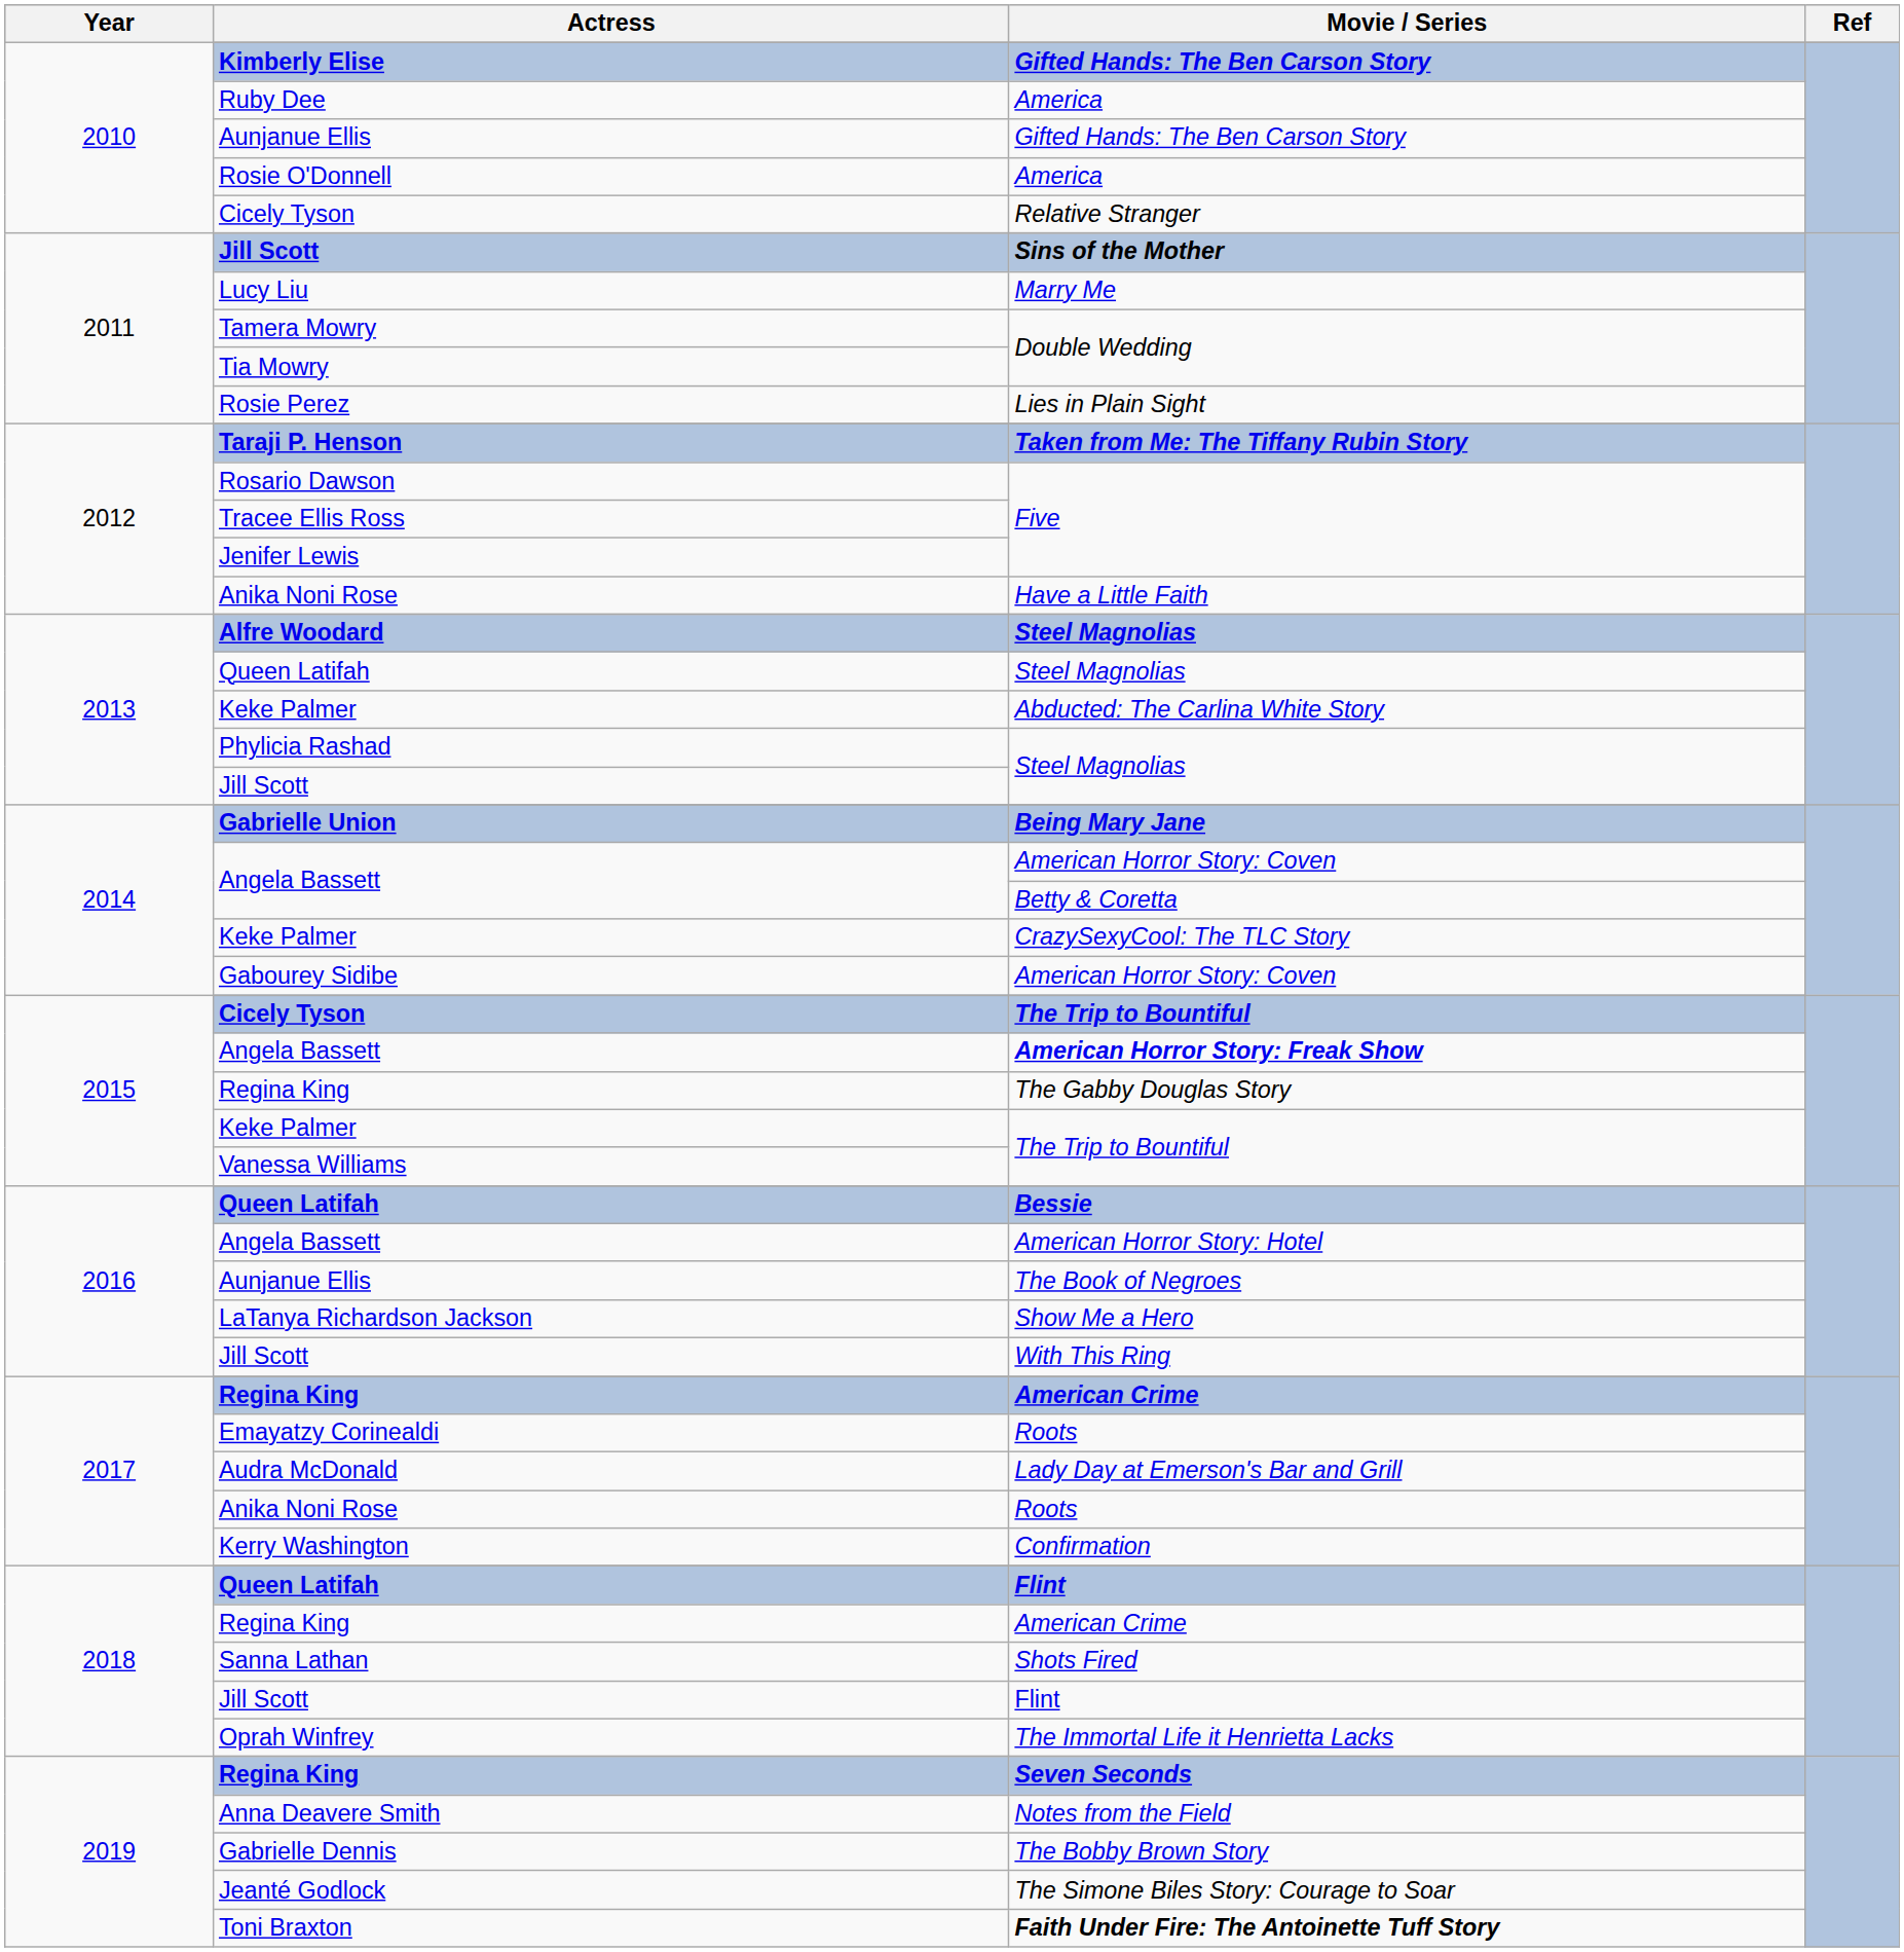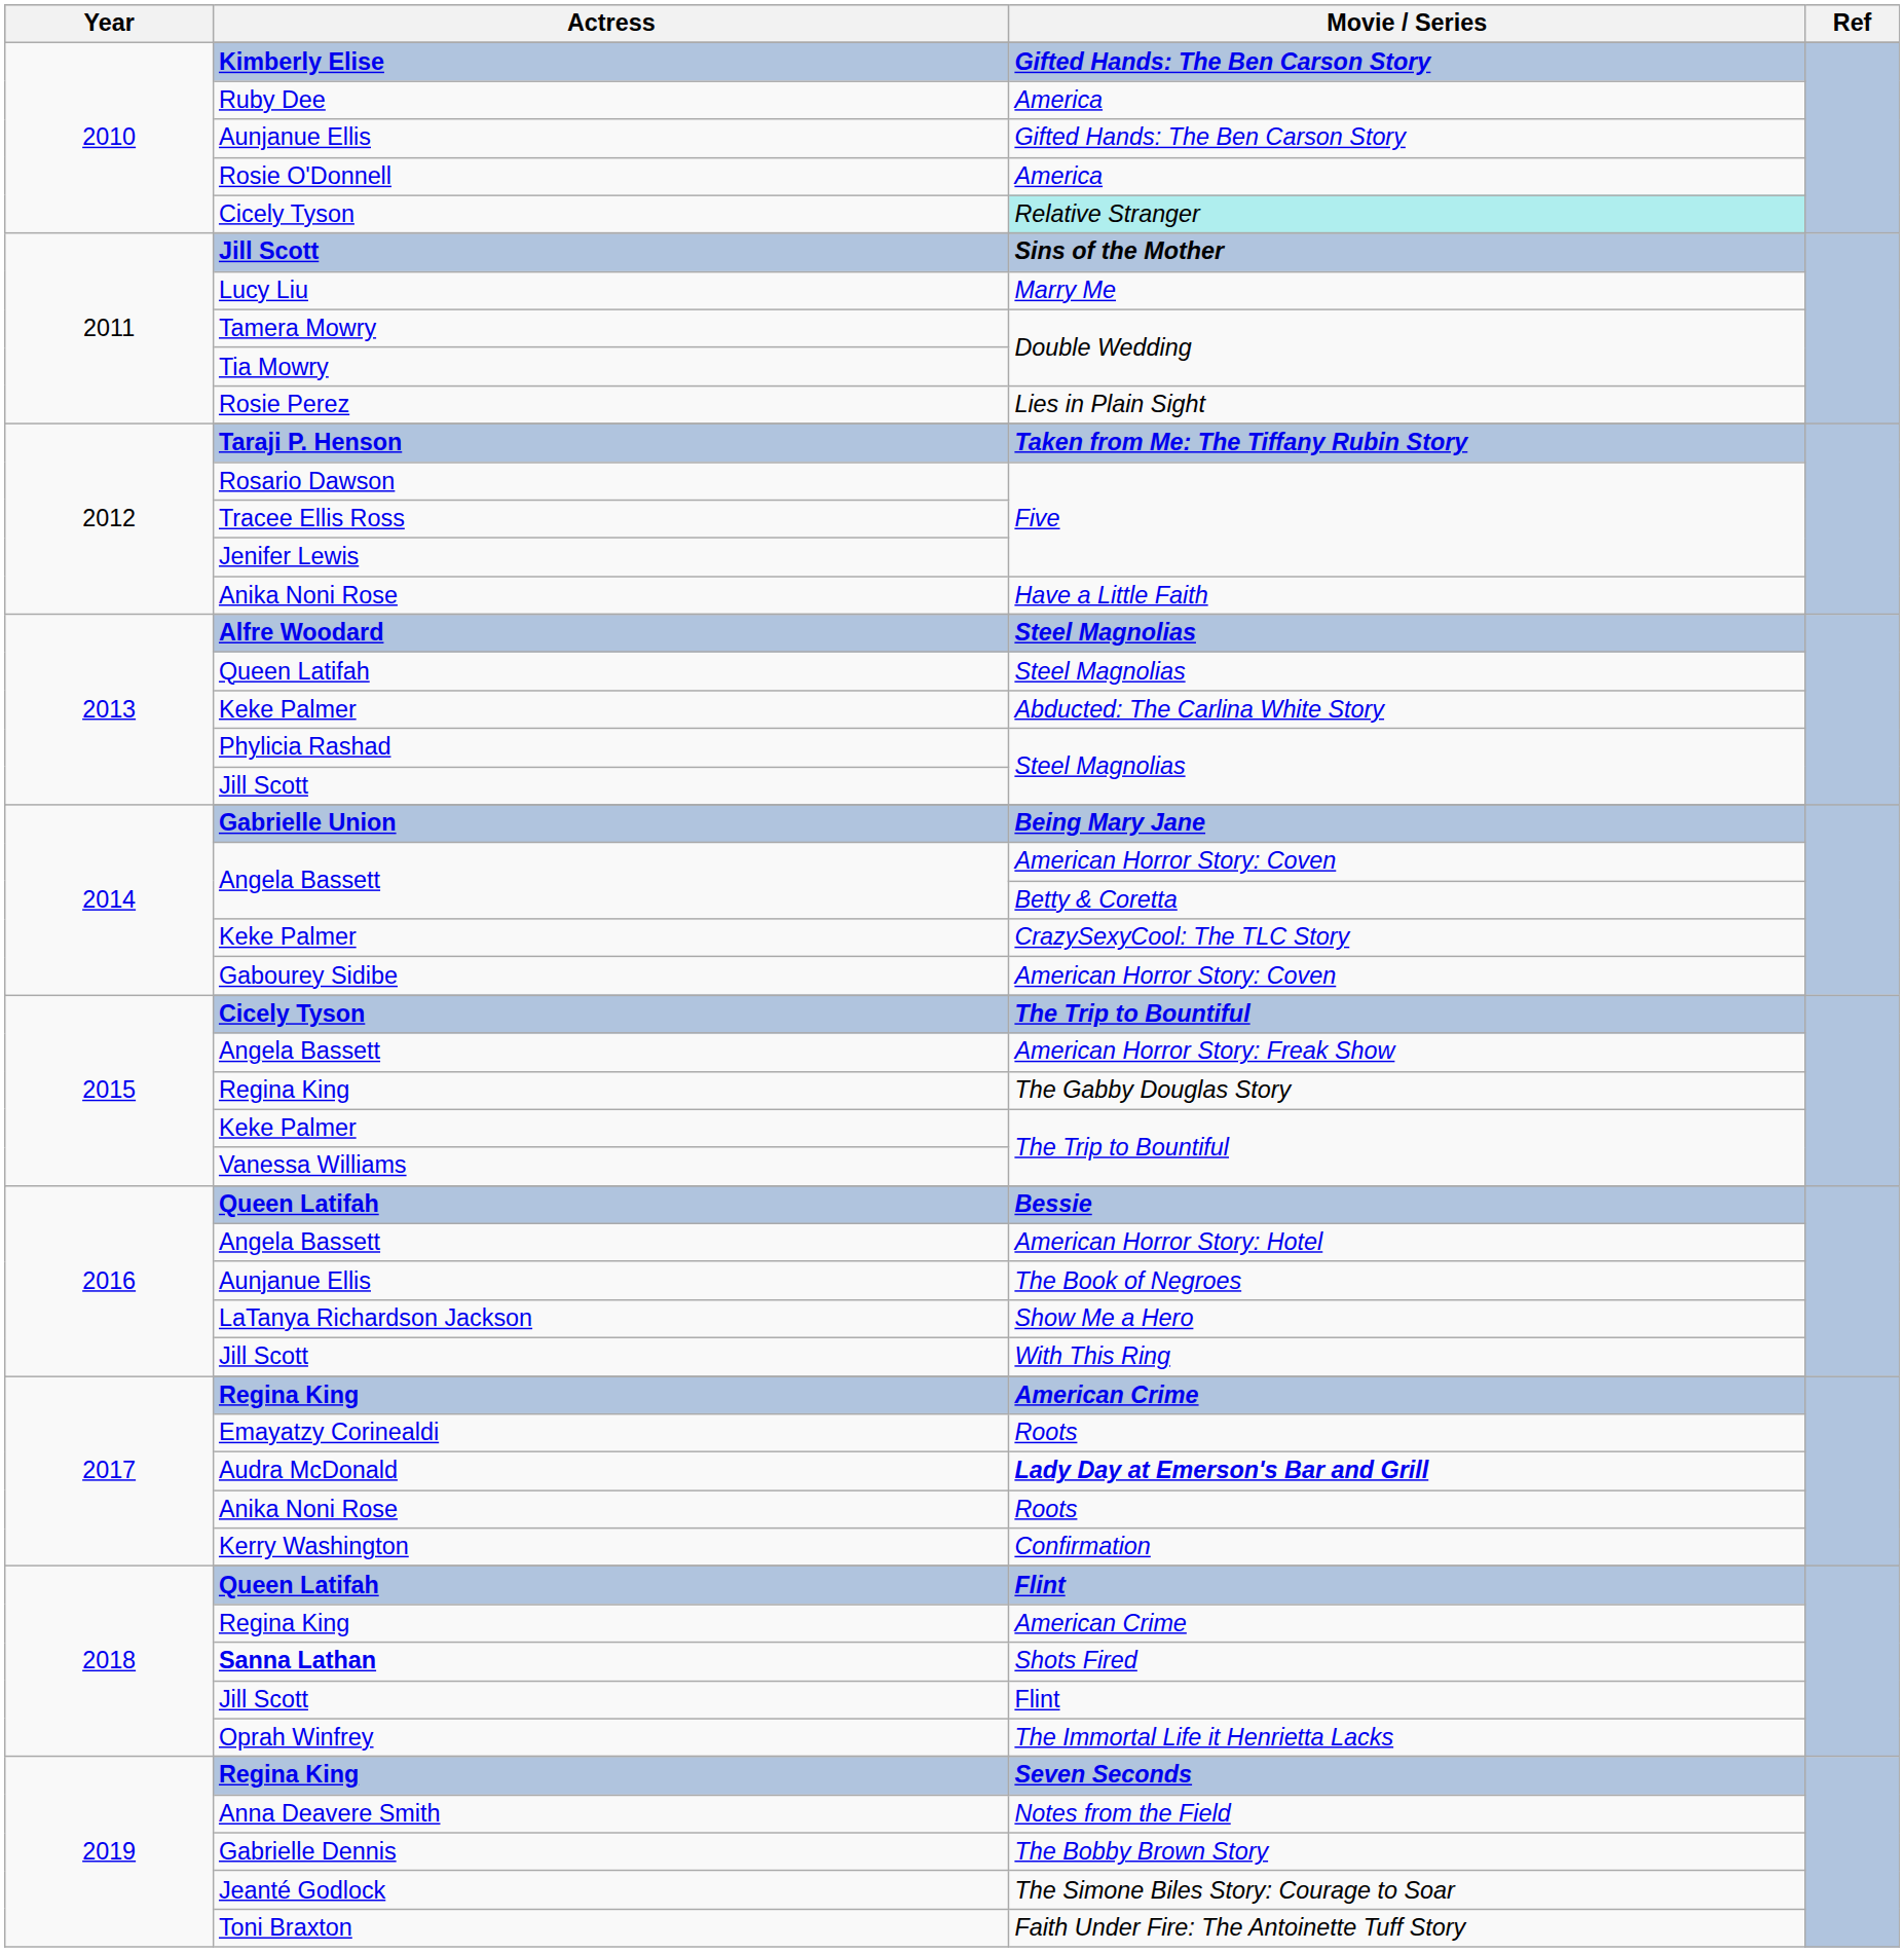 <table class="wikitable" style="width:100%;">
 <tr style="background:#bebebe;">
 <th style="width:11%;">Year</th>
 <th style="width:42%;">Actress</th>
 <th style="width:42%;">Movie / Series</th>
 <th style="width:5%;">Ref</th>
 </tr>
 <tr>
 <td rowspan="6" align="center"><a href='#'>2010</a></td>
 </tr>
 <tr style="background:#B0C4DE">
 <td><strong><a href='#'>Kimberly Elise</a></strong></td>
 <td><strong><em><a href='#'>Gifted Hands: The Ben Carson Story</a></em></strong></td>
 <td rowspan="6" align="center"></td>
 </tr>
 <tr>
 <td><a href='#'>Ruby Dee</a></td>
 <td><em><a href='#'>America</a></em></td>
 </tr>
 <tr>
 <td><a href='#'>Aunjanue Ellis</a></td>
 <td><em><a href='#'>Gifted Hands: The Ben Carson Story</a></em></td>
 </tr>
 <tr>
 <td><a href='#'>Rosie O'Donnell</a></td>
 <td><em><a href='#'>America</a></em></td>
 </tr>
 <tr>
 <td><a href='#'>Cicely Tyson</a></td>
-<td><em>Relative Stranger</em></td>
+<td style="background: paleturquoise;"><em>Relative Stranger</em></td>
 </tr>
 <tr>
 <td rowspan="6" align="center">2011</td>
 </tr>
 <tr style="background:#B0C4DE">
 <td><strong><a href='#'>Jill Scott</a></strong></td>
 <td><strong><em>Sins of the Mother</em></strong></td>
 <td rowspan="6" align="center"></td>
 </tr>
 <tr>
 <td><a href='#'>Lucy Liu</a></td>
 <td><em><a href='#'>Marry Me</a></em></td>
 </tr>
 <tr>
 <td><a href='#'>Tamera Mowry</a></td>
 <td rowspan="2"><em>Double Wedding</em></td>
 </tr>
 <tr>
 <td><a href='#'>Tia Mowry</a></td>
 </tr>
 <tr>
 <td><a href='#'>Rosie Perez</a></td>
 <td><em>Lies in Plain Sight</em></td>
 </tr>
 <tr>
 <td rowspan="6" align="center">2012</td>
 </tr>
 <tr style="background:#B0C4DE">
 <td><strong><a href='#'>Taraji P. Henson</a></strong></td>
 <td><strong><em><a href='#'>Taken from Me: The Tiffany Rubin Story</a></em></strong></td>
 <td rowspan="6" align="center"></td>
 </tr>
 <tr>
 <td><a href='#'>Rosario Dawson</a></td>
 <td rowspan="3"><em><a href='#'>Five</a></em></td>
 </tr>
 <tr>
 <td><a href='#'>Tracee Ellis Ross</a></td>
 </tr>
 <tr>
 <td><a href='#'>Jenifer Lewis</a></td>
 </tr>
 <tr>
 <td><a href='#'>Anika Noni Rose</a></td>
 <td><em><a href='#'>Have a Little Faith</a></em></td>
 </tr>
 <tr>
 <td rowspan="6" align="center"><a href='#'>2013</a></td>
 </tr>
 <tr style="background:#B0C4DE">
 <td><strong><a href='#'>Alfre Woodard</a></strong></td>
 <td><strong><em><a href='#'>Steel Magnolias</a></em></strong></td>
 <td rowspan="6" align="center"></td>
 </tr>
 <tr>
 <td><a href='#'>Queen Latifah</a></td>
 <td><em><a href='#'>Steel Magnolias</a></em></td>
 </tr>
 <tr>
 <td><a href='#'>Keke Palmer</a></td>
 <td><em><a href='#'>Abducted: The Carlina White Story</a></em></td>
 </tr>
 <tr>
 <td><a href='#'>Phylicia Rashad</a></td>
 <td rowspan="2"><em><a href='#'>Steel Magnolias</a></em></td>
 </tr>
 <tr>
 <td><a href='#'>Jill Scott</a></td>
 </tr>
 <tr>
 <td rowspan="6" align="center"><a href='#'>2014</a></td>
 </tr>
 <tr style="background:#B0C4DE">
 <td><strong><a href='#'>Gabrielle Union</a></strong></td>
 <td><strong><em><a href='#'>Being Mary Jane</a></em></strong></td>
 <td rowspan="6" align="center"></td>
 </tr>
 <tr>
 <td rowspan="2"><a href='#'>Angela Bassett</a></td>
 <td><em><a href='#'>American Horror Story: Coven</a></em></td>
 </tr>
 <tr>
 <td><em><a href='#'>Betty & Coretta</a></em></td>
 </tr>
 <tr>
 <td><a href='#'>Keke Palmer</a></td>
 <td><em><a href='#'>CrazySexyCool: The TLC Story</a></em></td>
 </tr>
 <tr>
 <td><a href='#'>Gabourey Sidibe</a></td>
 <td><em><a href='#'>American Horror Story: Coven</a></em></td>
 </tr>
 <tr>
 <td rowspan="6" align="center"><a href='#'>2015</a></td>
 </tr>
 <tr style="background:#B0C4DE">
 <td><strong><a href='#'>Cicely Tyson</a></strong></td>
 <td><strong><em><a href='#'>The Trip to Bountiful</a></em></strong></td>
 <td rowspan="6" align="center"></td>
 </tr>
 <tr>
 <td><a href='#'>Angela Bassett</a></td>
-<td><strong><em><a href='#'>American Horror Story: Freak Show</a></em></strong></td>
+<td><em><a href='#'>American Horror Story: Freak Show</a></em></td>
 </tr>
 <tr>
 <td><a href='#'>Regina King</a></td>
 <td><em>The Gabby Douglas Story</em></td>
 </tr>
 <tr>
 <td><a href='#'>Keke Palmer</a></td>
 <td rowspan="2"><em><a href='#'>The Trip to Bountiful</a></em></td>
 </tr>
 <tr>
 <td><a href='#'>Vanessa Williams</a></td>
 </tr>
 <tr>
 <td rowspan="6" align="center"><a href='#'>2016</a></td>
 </tr>
 <tr style="background:#B0C4DE">
 <td><strong><a href='#'>Queen Latifah</a></strong></td>
 <td><strong><em><a href='#'>Bessie</a></em></strong></td>
 <td rowspan="6" align="center"></td>
 </tr>
 <tr>
 <td><a href='#'>Angela Bassett</a></td>
 <td><em><a href='#'>American Horror Story: Hotel</a></em></td>
 </tr>
 <tr>
 <td><a href='#'>Aunjanue Ellis</a></td>
 <td><em><a href='#'>The Book of Negroes</a></em></td>
 </tr>
 <tr>
 <td><a href='#'>LaTanya Richardson Jackson</a></td>
 <td><em><a href='#'>Show Me a Hero</a></em></td>
 </tr>
 <tr>
 <td><a href='#'>Jill Scott</a></td>
 <td><em><a href='#'>With This Ring</a></em></td>
 </tr>
 <tr>
 <td rowspan="6" align="center"><a href='#'>2017</a></td>
 </tr>
 <tr style="background:#B0C4DE">
 <td><strong><a href='#'>Regina King</a></strong></td>
 <td><strong><em><a href='#'>American Crime</a></em></strong></td>
 <td rowspan="6" align="center"></td>
 </tr>
 <tr>
 <td><a href='#'>Emayatzy Corinealdi</a></td>
 <td><em><a href='#'>Roots</a></em></td>
 </tr>
 <tr>
 <td><a href='#'>Audra McDonald</a></td>
-<td><em><a href='#'>Lady Day at Emerson's Bar and Grill</a></em></td>
+<td><strong><em><a href='#'>Lady Day at Emerson's Bar and Grill</a></em></strong></td>
 </tr>
 <tr>
 <td><a href='#'>Anika Noni Rose</a></td>
 <td><em><a href='#'>Roots</a></em></td>
 </tr>
 <tr>
 <td><a href='#'>Kerry Washington</a></td>
 <td><em><a href='#'>Confirmation</a></em></td>
 </tr>
 <tr>
 <td rowspan="6" align="center"><a href='#'>2018</a></td>
 </tr>
 <tr style="background:#B0C4DE">
 <td><strong><a href='#'>Queen Latifah</a></strong></td>
 <td><strong><em><a href='#'>Flint</a></em></strong></td>
 <td rowspan="6" align="center"></td>
 </tr>
 <tr>
 <td><a href='#'>Regina King</a></td>
 <td><em><a href='#'>American Crime</a></em></td>
 </tr>
 <tr>
-<td><a href='#'>Sanna Lathan</a></td>
+<td><strong><a href='#'>Sanna Lathan</a></strong></td>
 <td><em><a href='#'>Shots Fired</a></em></td>
 </tr>
 <tr>
 <td><a href='#'>Jill Scott</a></td>
 <td><a href='#'>Flint</a></td>
 </tr>
 <tr>
 <td><a href='#'>Oprah Winfrey</a></td>
 <td><em><a href='#'>The Immortal Life it Henrietta Lacks</a></em></td>
 </tr>
 <tr>
 <td rowspan="6" align="center"><a href='#'>2019</a></td>
 </tr>
 <tr style="background:#B0C4DE">
 <td><strong><a href='#'>Regina King</a></strong></td>
 <td><strong><em><a href='#'>Seven Seconds</a></em></strong></td>
 <td rowspan="6" align="center"></td>
 </tr>
 <tr>
 <td><a href='#'>Anna Deavere Smith</a></td>
 <td><em><a href='#'>Notes from the Field</a></em></td>
 </tr>
 <tr>
 <td><a href='#'>Gabrielle Dennis</a></td>
 <td><em><a href='#'>The Bobby Brown Story</a></em></td>
 </tr>
 <tr>
 <td><a href='#'>Jeanté Godlock</a></td>
 <td><em>The Simone Biles Story: Courage to Soar</em></td>
 </tr>
 <tr>
 <td><a href='#'>Toni Braxton</a></td>
-<td><strong><em>Faith Under Fire: The Antoinette Tuff Story</em></strong></td>
+<td><em>Faith Under Fire: The Antoinette Tuff Story</em></td>
 </tr>
 </table>
